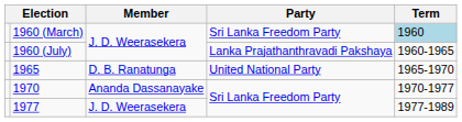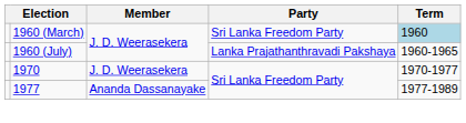 <table class="wikitable">
 <tr>
 <th colspan="2">Election</th>
 <th>Member</th>
 <th>Party</th>
 <th>Term</th>
 </tr>
 <tr>
 <td style="background-color: "></td>
 <td><a href='#'>1960 (March)</a></td>
 <td rowspan=2><a href='#'>J. D. Weerasekera</a></td>
 <td><a href='#'>Sri Lanka Freedom Party</a></td>
 <td style="background: lightblue;">1960</td>
 </tr>
 <tr>
 <td style="background-color: "></td>
 <td><a href='#'>1960 (July)</a></td>
 <td><a href='#'>Lanka Prajathanthravadi Pakshaya</a></td>
 <td>1960-1965</td>
 </tr>
 <tr>
 <td style="background-color: "></td>
-<td><a href='#'>1965</a></td>
-<td><a href='#'>D. B. Ranatunga</a></td>
-<td><a href='#'>United National Party</a></td>
-<td>1965-1970</td>
-</tr>
-<tr>
-<td style="background-color: "></td>
 <td><a href='#'>1970</a></td>
-<td><a href='#'>Ananda Dassanayake</a></td>
+<td><a href='#'>J. D. Weerasekera</a></td>
 <td rowspan=2><a href='#'>Sri Lanka Freedom Party</a></td>
 <td>1970-1977</td>
 </tr>
 <tr>
 <td style="background-color: "></td>
 <td><a href='#'>1977</a></td>
-<td><a href='#'>J. D. Weerasekera</a></td>
+<td><a href='#'>Ananda Dassanayake</a></td>
 <td>1977-1989</td>
 </tr>
 </table>
